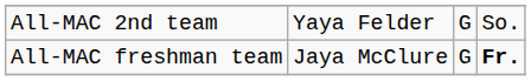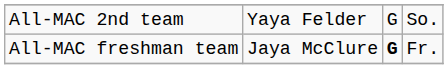 <table class="wikitable" border="1">
 <tr align=center>
 </tr>
 <tr>
 <td>All-MAC 2nd team</td>
 <td>Yaya Felder</td>
 <td>G</td>
 <td>So.</td>
 </tr>
 <tr>
 <td>All-MAC freshman team</td>
 <td>Jaya McClure</td>
-<td>G</td>
-<td><strong>Fr.</strong></td>
+<td><strong>G</strong></td>
+<td>Fr.</td>
 </tr>
 <tr>
 </tr>
 </table>
